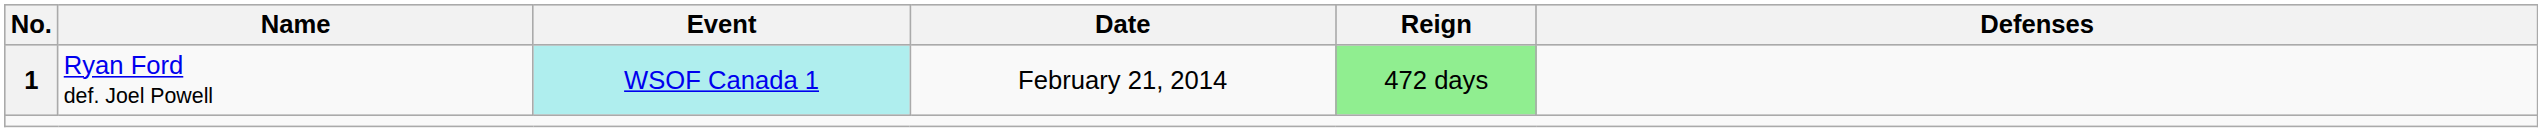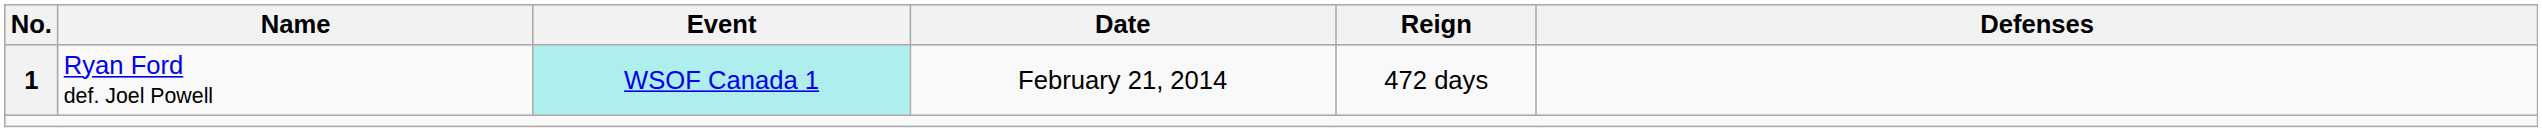 <table class="wikitable" width=100%>
 <tr>
 <th width=1%>No.</th>
 <th width=19%>Name</th>
 <th width=15%>Event</th>
 <th width=17%>Date</th>
 <th width=8%>Reign</th>
 <th width=40%>Defenses</th>
 </tr>
 <tr>
 <th>1</th>
 <td> <a href='#'>Ryan Ford</a><br><small>def. Joel Powell</small></td>
 <td align=center style="background: paleturquoise;"><a href='#'>WSOF Canada 1</a><br></td>
 <td align=center>February 21, 2014</td>
-<td align=center style="background: lightgreen;">472 days</td>
+<td align=center>472 days</td>
 <td></td>
 </tr>
 <tr>
 <td align="center" colspan="6"></td>
 </tr>
 </table>
